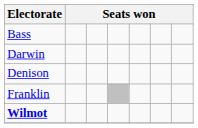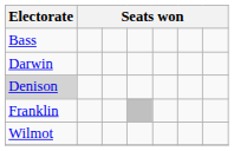 <table class="wikitable">
 <tr>
 <th>Electorate</th>
 <th colspan=7>Seats won</th>
 </tr>
 <tr>
 <td><a href='#'>Bass</a></td>
 <td width=20 > </td>
 <td width=20 > </td>
 <td width=20 > </td>
 <td width=20 > </td>
 <td width=20 > </td>
 <td width=20 > </td>
 </tr>
 <tr>
 <td><a href='#'>Darwin</a></td>
 <td> </td>
 <td> </td>
 <td> </td>
 <td> </td>
 <td> </td>
 <td> </td>
 </tr>
 <tr>
-<td><a href='#'>Denison</a></td>
+<td style="background: lightgrey;"><a href='#'>Denison</a></td>
 <td> </td>
 <td> </td>
 <td> </td>
 <td> </td>
 <td> </td>
 <td> </td>
 </tr>
 <tr>
 <td><a href='#'>Franklin</a></td>
 <td> </td>
 <td> </td>
 <td bgcolor="#C0C0C0"> </td>
 <td> </td>
 <td> </td>
 <td> </td>
 </tr>
 <tr>
-<td><strong><a href='#'>Wilmot</a></strong></td>
+<td><a href='#'>Wilmot</a></td>
 <td> </td>
 <td> </td>
 <td> </td>
 <td> </td>
 <td> </td>
 <td> </td>
 </tr>
 <tr>
 </tr>
 </table>
